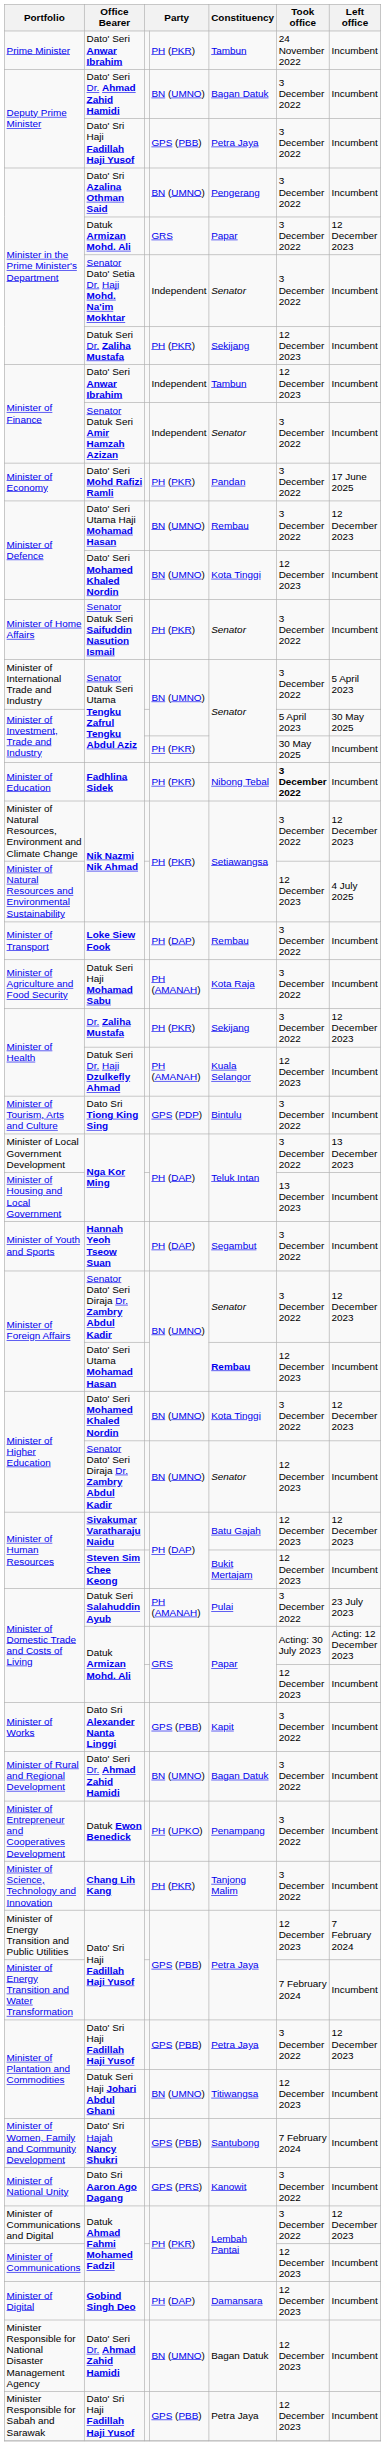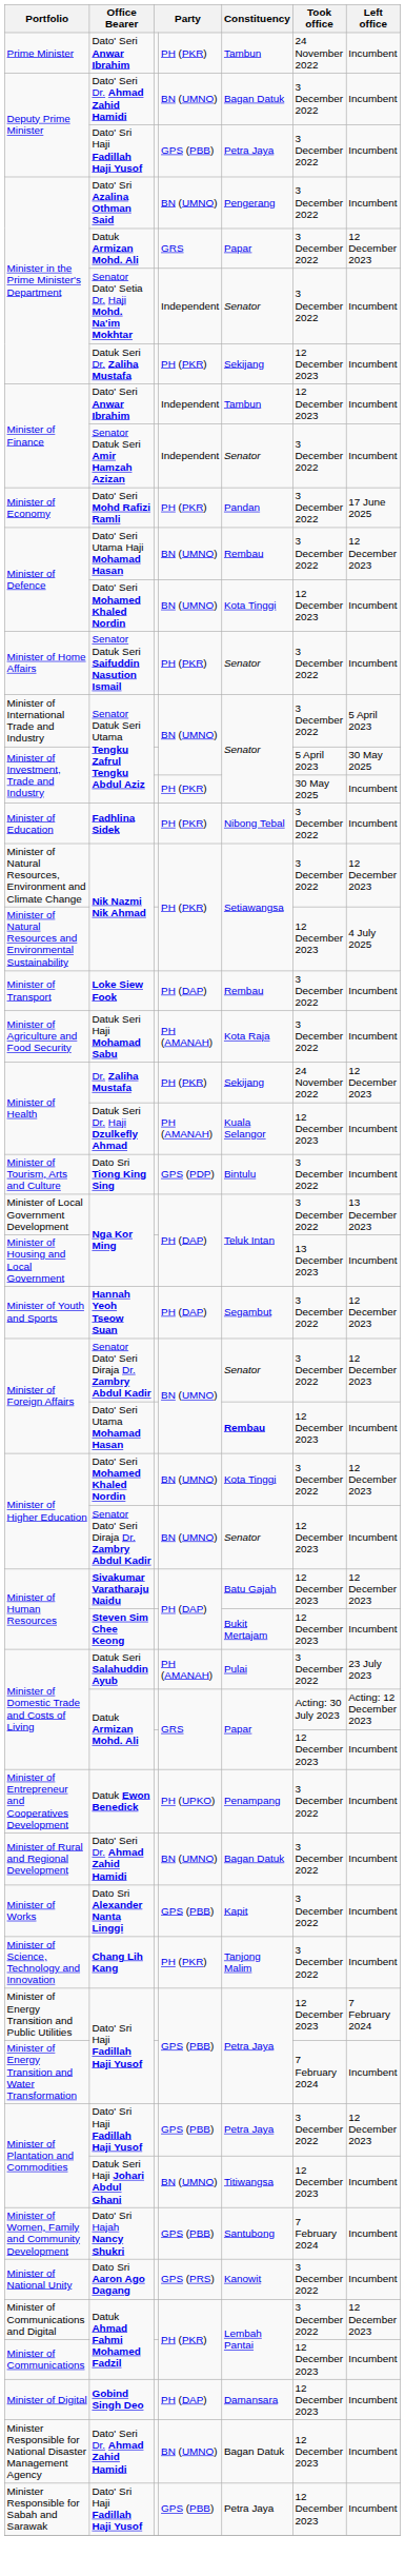 <table class="sortable wikitable">
 <tr>
 <th>Portfolio</th>
 <th>Office Bearer</th>
 <th colspan=2>Party</th>
 <th>Constituency</th>
 <th>Took office</th>
 <th>Left office</th>
 </tr>
 <tr>
 <td><a href='#'>Prime Minister</a></td>
 <td>Dato' Seri <strong><a href='#'>Anwar Ibrahim</a></strong> </td>
 <td></td>
 <td><a href='#'>PH</a> (<a href='#'>PKR</a>)</td>
 <td><a href='#'>Tambun</a></td>
 <td>24 November 2022</td>
 <td>Incumbent</td>
 </tr>
 <tr>
 <td rowspan="2"><a href='#'>Deputy Prime Minister</a></td>
 <td>Dato' Seri <a href='#'>Dr.</a> <strong><a href='#'>Ahmad Zahid Hamidi</a></strong> </td>
 <td></td>
 <td><a href='#'>BN</a> (<a href='#'>UMNO</a>)</td>
 <td><a href='#'>Bagan Datuk</a></td>
 <td>3 December 2022</td>
 <td>Incumbent</td>
 </tr>
 <tr>
 <td>Dato' Sri Haji <strong><a href='#'>Fadillah Haji Yusof</a></strong> </td>
 <td></td>
 <td><a href='#'>GPS</a> (<a href='#'>PBB</a>)</td>
 <td><a href='#'>Petra Jaya</a></td>
 <td>3 December 2022</td>
 <td>Incumbent</td>
 </tr>
 <tr>
 <td rowspan=4><a href='#'>Minister in the Prime Minister's Department</a></td>
 <td>Dato' Sri <strong><a href='#'>Azalina Othman Said</a></strong> <br></td>
 <td></td>
 <td><a href='#'>BN</a> (<a href='#'>UMNO</a>)</td>
 <td><a href='#'>Pengerang</a></td>
 <td>3 December 2022</td>
 <td>Incumbent</td>
 </tr>
 <tr>
 <td>Datuk <a href='#'><strong>Armizan Mohd. Ali</strong></a> <br></td>
 <td></td>
 <td><a href='#'>GRS</a></td>
 <td><a href='#'>Papar</a></td>
 <td>3 December 2022</td>
 <td>12 December 2023</td>
 </tr>
 <tr>
 <td><a href='#'>Senator</a> Dato' Setia <a href='#'>Dr.</a> <a href='#'>Haji</a> <strong><a href='#'>Mohd. Na'im Mokhtar</a></strong><br></td>
 <td></td>
 <td>Independent</td>
 <td><em>Senator</em></td>
 <td>3 December 2022</td>
 <td>Incumbent</td>
 </tr>
 <tr>
 <td>Datuk Seri <a href='#'>Dr.</a> <strong><a href='#'>Zaliha Mustafa</a></strong> <br></td>
 <td></td>
 <td><a href='#'>PH</a> (<a href='#'>PKR</a>)</td>
 <td><a href='#'>Sekijang</a></td>
 <td>12 December 2023</td>
 <td>Incumbent</td>
 </tr>
 <tr>
 <td rowspan=2><a href='#'>Minister of Finance</a></td>
 <td>Dato' Seri <strong><a href='#'>Anwar Ibrahim</a></strong> </td>
 <td></td>
 <td>Independent</td>
 <td><a href='#'>Tambun</a></td>
 <td>12 December 2023</td>
 <td>Incumbent</td>
 </tr>
 <tr>
 <td><a href='#'>Senator</a> Datuk Seri <strong><a href='#'>Amir Hamzah Azizan</a></strong></td>
 <td></td>
 <td>Independent</td>
 <td><em>Senator</em></td>
 <td>3 December 2022</td>
 <td>Incumbent</td>
 </tr>
 <tr>
 <td><a href='#'>Minister of Economy</a></td>
 <td>Dato' Seri <strong><a href='#'>Mohd Rafizi Ramli</a></strong> </td>
 <td></td>
 <td><a href='#'>PH</a> (<a href='#'>PKR</a>)</td>
 <td><a href='#'>Pandan</a></td>
 <td>3 December 2022</td>
 <td>17 June 2025</td>
 </tr>
 <tr>
 <td rowspan="2"><a href='#'>Minister of Defence</a></td>
 <td>Dato' Seri Utama Haji <strong><a href='#'>Mohamad Hasan</a></strong>  </td>
 <td></td>
 <td><a href='#'>BN</a> (<a href='#'>UMNO</a>)</td>
 <td><a href='#'>Rembau</a></td>
 <td>3 December 2022</td>
 <td>12 December 2023</td>
 </tr>
 <tr>
 <td>Dato' Seri <strong><a href='#'>Mohamed Khaled Nordin</a></strong> </td>
 <td></td>
 <td><a href='#'>BN</a> (<a href='#'>UMNO</a>)</td>
 <td><a href='#'>Kota Tinggi</a></td>
 <td>12 December 2023</td>
 <td>Incumbent</td>
 </tr>
 <tr>
 <td><a href='#'>Minister of Home Affairs</a></td>
 <td><a href='#'>Senator</a> Datuk Seri <strong><a href='#'>Saifuddin Nasution Ismail</a></strong></td>
 <td></td>
 <td><a href='#'>PH</a> (<a href='#'>PKR</a>)</td>
 <td><em>Senator</em></td>
 <td>3 December 2022</td>
 <td>Incumbent</td>
 </tr>
 <tr>
 <td>Minister of International Trade and Industry</td>
 <td rowspan="4"><a href='#'>Senator</a> Datuk Seri Utama <strong><a href='#'>Tengku Zafrul Tengku Abdul Aziz</a></strong></td>
 <td rowspan="2"></td>
 <td rowspan="3"><a href='#'>BN</a> (<a href='#'>UMNO</a>)</td>
 <td rowspan="4"><em>Senator</em></td>
 <td>3 December 2022</td>
 <td>5 April 2023</td>
 </tr>
 <tr>
 <td rowspan="3"><a href='#'>Minister of Investment, Trade and Industry</a></td>
 <td rowspan="2">5 April 2023</td>
 <td rowspan="2">30 May 2025</td>
 </tr>
 <tr>
 <td></td>
 </tr>
 <tr>
 <td></td>
 <td><a href='#'>PH</a> (<a href='#'>PKR</a>)</td>
 <td>30 May 2025</td>
 <td>Incumbent</td>
 </tr>
 <tr>
 <td><a href='#'>Minister of Education</a></td>
 <td><strong><a href='#'>Fadhlina Sidek</a></strong> </td>
 <td></td>
 <td><a href='#'>PH</a> (<a href='#'>PKR</a>)</td>
 <td><a href='#'>Nibong Tebal</a></td>
-<td><strong>3 December 2022</strong></td>
+<td>3 December 2022</td>
 <td>Incumbent</td>
 </tr>
 <tr>
 <td>Minister of Natural Resources, Environment and Climate Change</td>
 <td rowspan="2"><strong><a href='#'>Nik Nazmi Nik Ahmad</a></strong> </td>
 <td></td>
 <td rowspan="2"><a href='#'>PH</a> (<a href='#'>PKR</a>)</td>
 <td rowspan="2"><a href='#'>Setiawangsa</a></td>
 <td>3 December 2022</td>
 <td>12 December 2023</td>
 </tr>
 <tr>
 <td><a href='#'>Minister of Natural Resources and Environmental Sustainability</a></td>
 <td></td>
 <td>12 December 2023</td>
 <td>4 July 2025</td>
 </tr>
 <tr>
 <td><a href='#'>Minister of Transport</a></td>
 <td><strong><a href='#'>Loke Siew Fook</a></strong>  </td>
 <td></td>
 <td><a href='#'>PH</a> (<a href='#'>DAP</a>)</td>
 <td><a href='#'>Rembau</a></td>
 <td>3 December 2022</td>
 <td>Incumbent</td>
 </tr>
 <tr>
 <td><a href='#'>Minister of Agriculture and Food Security</a></td>
 <td>Datuk Seri Haji <strong><a href='#'>Mohamad Sabu</a></strong> </td>
 <td></td>
 <td><a href='#'>PH</a> (<a href='#'>AMANAH</a>)</td>
 <td><a href='#'>Kota Raja</a></td>
 <td>3 December 2022</td>
 <td>Incumbent</td>
 </tr>
 <tr>
 <td rowspan="2"><a href='#'>Minister of Health</a></td>
 <td><a href='#'>Dr.</a> <strong><a href='#'>Zaliha Mustafa</a></strong> </td>
 <td></td>
 <td><a href='#'>PH</a> (<a href='#'>PKR</a>)</td>
 <td><a href='#'>Sekijang</a></td>
-<td>3 December 2022</td>
+<td>24 November 2022</td>
 <td>12 December 2023</td>
 </tr>
 <tr>
 <td>Datuk Seri <a href='#'>Dr.</a> <a href='#'>Haji</a> <strong><a href='#'>Dzulkefly Ahmad</a></strong> </td>
 <td></td>
 <td><a href='#'>PH</a> (<a href='#'>AMANAH</a>)</td>
 <td><a href='#'>Kuala Selangor</a></td>
 <td>12 December 2023</td>
 <td>Incumbent</td>
 </tr>
 <tr>
 <td><a href='#'>Minister of Tourism, Arts and Culture</a></td>
 <td>Dato Sri <strong><a href='#'>Tiong King Sing</a></strong>  </td>
 <td></td>
 <td><a href='#'>GPS</a> (<a href='#'>PDP</a>)</td>
 <td><a href='#'>Bintulu</a></td>
 <td>3 December 2022</td>
 <td>Incumbent</td>
 </tr>
 <tr>
 <td>Minister of Local Government Development</td>
 <td rowspan="2"><strong><a href='#'>Nga Kor Ming</a></strong>  </td>
 <td></td>
 <td rowspan="2"><a href='#'>PH</a> (<a href='#'>DAP</a>)</td>
 <td rowspan="2"><a href='#'>Teluk Intan</a></td>
 <td>3 December 2022</td>
 <td>13 December 2023</td>
 </tr>
 <tr>
 <td><a href='#'>Minister of Housing and Local Government</a></td>
 <td></td>
 <td>13 December 2023</td>
 <td>Incumbent</td>
 </tr>
 <tr>
 <td><a href='#'>Minister of Youth and Sports</a></td>
 <td><strong><a href='#'>Hannah Yeoh Tseow Suan</a></strong> </td>
 <td></td>
 <td><a href='#'>PH</a> (<a href='#'>DAP</a>)</td>
 <td><a href='#'>Segambut</a></td>
 <td>3 December 2022</td>
-<td>Incumbent</td>
+<td>12 December 2023</td>
 </tr>
 <tr>
 <td rowspan="2"><a href='#'>Minister of Foreign Affairs</a></td>
 <td><a href='#'>Senator</a> Dato' Seri Diraja <a href='#'>Dr.</a> <strong><a href='#'>Zambry Abdul Kadir</a></strong></td>
 <td></td>
 <td rowspan="2"><a href='#'>BN</a> (<a href='#'>UMNO</a>)</td>
 <td><em>Senator</em></td>
 <td>3 December 2022</td>
 <td>12 December 2023</td>
 </tr>
 <tr>
 <td>Dato' Seri Utama <strong><a href='#'>Mohamad Hasan</a></strong>  </td>
 <td></td>
 <td><strong><a href='#'>Rembau</a></strong></td>
 <td>12 December 2023</td>
 <td>Incumbent</td>
 </tr>
 <tr>
 <td rowspan="2"><a href='#'>Minister of Higher Education</a></td>
 <td>Dato' Seri <strong><a href='#'>Mohamed Khaled Nordin</a></strong> </td>
 <td></td>
 <td><a href='#'>BN</a> (<a href='#'>UMNO</a>)</td>
 <td><a href='#'>Kota Tinggi</a></td>
 <td>3 December 2022</td>
 <td>12 December 2023</td>
 </tr>
 <tr>
 <td><a href='#'>Senator</a> Dato' Seri Diraja <a href='#'>Dr.</a> <strong><a href='#'>Zambry Abdul Kadir</a></strong></td>
 <td></td>
 <td><a href='#'>BN</a> (<a href='#'>UMNO</a>)</td>
 <td><em>Senator</em></td>
 <td>12 December 2023</td>
 <td>Incumbent</td>
 </tr>
 <tr>
 <td rowspan="2"><a href='#'>Minister of Human Resources</a></td>
 <td><strong><a href='#'>Sivakumar Varatharaju Naidu</a></strong> </td>
 <td></td>
 <td rowspan="2"><a href='#'>PH</a> (<a href='#'>DAP</a>)</td>
 <td><a href='#'>Batu Gajah</a></td>
 <td>12 December 2023</td>
 <td>12 December 2023</td>
 </tr>
 <tr>
 <td><strong><a href='#'>Steven Sim Chee Keong</a></strong> </td>
 <td></td>
 <td><a href='#'>Bukit Mertajam</a></td>
 <td>12 December 2023</td>
 <td>Incumbent</td>
 </tr>
 <tr>
 <td rowspan="3"><a href='#'>Minister of Domestic Trade and Costs of Living</a></td>
 <td>Datuk Seri <strong><a href='#'>Salahuddin Ayub</a></strong>  </td>
 <td></td>
 <td><a href='#'>PH</a> (<a href='#'>AMANAH</a>)</td>
 <td><a href='#'>Pulai</a></td>
 <td>3 December 2022</td>
 <td>23 July 2023</td>
 </tr>
 <tr>
 <td rowspan="2">Datuk <strong><a href='#'>Armizan Mohd. Ali</a></strong> </td>
 <td></td>
 <td rowspan="2"><a href='#'>GRS</a></td>
 <td rowspan="2"><a href='#'>Papar</a></td>
 <td>Acting: 30 July 2023</td>
 <td>Acting: 12 December 2023</td>
 </tr>
 <tr>
 <td></td>
 <td>12 December 2023</td>
 <td>Incumbent</td>
 </tr>
 <tr>
-<td><a href='#'>Minister of Works</a></td>
-<td>Dato Sri <strong><a href='#'>Alexander Nanta Linggi</a></strong> </td>
+<td><a href='#'>Minister of Entrepreneur and Cooperatives Development</a></td>
+<td>Datuk <strong><a href='#'>Ewon Benedick</a></strong>  </td>
 <td></td>
-<td><a href='#'>GPS</a> (<a href='#'>PBB</a>)</td>
-<td><a href='#'>Kapit</a></td>
+<td><a href='#'>PH</a> (<a href='#'>UPKO</a>)</td>
+<td><a href='#'>Penampang</a></td>
 <td>3 December 2022</td>
 <td>Incumbent</td>
 </tr>
 <tr>
 <td><a href='#'>Minister of Rural and Regional Development</a></td>
 <td>Dato' Seri <a href='#'>Dr.</a> <strong><a href='#'>Ahmad Zahid Hamidi</a></strong> </td>
 <td></td>
 <td><a href='#'>BN</a> (<a href='#'>UMNO</a>)</td>
 <td><a href='#'>Bagan Datuk</a></td>
 <td>3 December 2022</td>
 <td>Incumbent</td>
 </tr>
 <tr>
-<td><a href='#'>Minister of Entrepreneur and Cooperatives Development</a></td>
-<td>Datuk <strong><a href='#'>Ewon Benedick</a></strong>  </td>
+<td><a href='#'>Minister of Works</a></td>
+<td>Dato Sri <strong><a href='#'>Alexander Nanta Linggi</a></strong> </td>
 <td></td>
-<td><a href='#'>PH</a> (<a href='#'>UPKO</a>)</td>
-<td><a href='#'>Penampang</a></td>
+<td><a href='#'>GPS</a> (<a href='#'>PBB</a>)</td>
+<td><a href='#'>Kapit</a></td>
 <td>3 December 2022</td>
 <td>Incumbent</td>
 </tr>
 <tr>
 <td><a href='#'>Minister of Science, Technology and Innovation</a></td>
 <td><strong><a href='#'>Chang Lih Kang</a></strong> </td>
 <td></td>
 <td><a href='#'>PH</a> (<a href='#'>PKR</a>)</td>
 <td><a href='#'>Tanjong Malim</a></td>
 <td>3 December 2022</td>
 <td>Incumbent</td>
 </tr>
 <tr>
 <td>Minister of Energy Transition and Public Utilities</td>
 <td rowspan=2>Dato' Sri Haji <strong><a href='#'>Fadillah Haji Yusof</a></strong> </td>
 <td></td>
 <td rowspan=2><a href='#'>GPS</a> (<a href='#'>PBB</a>)</td>
 <td rowspan=2><a href='#'>Petra Jaya</a></td>
 <td>12 December 2023</td>
 <td>7 February 2024</td>
 </tr>
 <tr>
 <td><a href='#'>Minister of Energy Transition and Water Transformation</a></td>
 <td></td>
 <td>7 February 2024</td>
 <td>Incumbent</td>
 </tr>
 <tr>
 <td rowspan="2"><a href='#'>Minister of Plantation and Commodities</a></td>
 <td>Dato' Sri Haji <strong><a href='#'>Fadillah Haji Yusof</a></strong> </td>
 <td></td>
 <td><a href='#'>GPS</a> (<a href='#'>PBB</a>)</td>
 <td><a href='#'>Petra Jaya</a></td>
 <td>3 December 2022</td>
 <td>12 December 2023</td>
 </tr>
 <tr>
 <td>Datuk Seri Haji <strong><a href='#'>Johari Abdul Ghani</a></strong> </td>
 <td></td>
 <td><a href='#'>BN</a> (<a href='#'>UMNO</a>)</td>
 <td><a href='#'>Titiwangsa</a></td>
 <td>12 December 2023</td>
 <td>Incumbent</td>
 </tr>
 <tr>
 <td><a href='#'>Minister of Women, Family and Community Development</a></td>
 <td>Dato' Sri <a href='#'>Hajah</a> <strong><a href='#'>Nancy Shukri</a></strong> </td>
 <td></td>
 <td><a href='#'>GPS</a> (<a href='#'>PBB</a>)</td>
 <td><a href='#'>Santubong</a></td>
 <td>7 February 2024</td>
 <td>Incumbent</td>
 </tr>
 <tr>
 <td><a href='#'>Minister of National Unity</a></td>
 <td>Dato Sri <strong><a href='#'>Aaron Ago Dagang</a></strong> </td>
 <td></td>
 <td><a href='#'>GPS</a> (<a href='#'>PRS</a>)</td>
 <td><a href='#'>Kanowit</a></td>
 <td>3 December 2022</td>
 <td>Incumbent</td>
 </tr>
 <tr>
 <td>Minister of Communications and Digital</td>
 <td rowspan="2">Datuk <strong><a href='#'>Ahmad Fahmi Mohamed Fadzil</a></strong> </td>
 <td></td>
 <td rowspan="2"><a href='#'>PH</a> (<a href='#'>PKR</a>)</td>
 <td rowspan="2"><a href='#'>Lembah Pantai</a></td>
 <td>3 December 2022</td>
 <td>12 December 2023</td>
 </tr>
 <tr>
 <td><a href='#'>Minister of Communications</a></td>
 <td></td>
 <td>12 December 2023</td>
 <td>Incumbent</td>
 </tr>
 <tr>
 <td><a href='#'>Minister of Digital</a></td>
 <td><strong><a href='#'>Gobind Singh Deo</a></strong> </td>
 <td></td>
 <td><a href='#'>PH</a> (<a href='#'>DAP</a>)</td>
 <td><a href='#'>Damansara</a></td>
 <td>12 December 2023</td>
 <td>Incumbent</td>
 </tr>
 <tr>
 <td>Minister Responsible for National Disaster Management Agency</td>
 <td>Dato' Seri <a href='#'>Dr.</a> <strong><a href='#'>Ahmad Zahid Hamidi</a></strong> </td>
 <td></td>
 <td><a href='#'>BN</a> (<a href='#'>UMNO</a>)</td>
 <td>Bagan Datuk</td>
 <td>12 December 2023</td>
 <td>Incumbent</td>
 </tr>
 <tr>
 <td>Minister Responsible for Sabah and Sarawak</td>
 <td>Dato' Sri Haji <strong><a href='#'>Fadillah Haji Yusof</a></strong> </td>
 <td></td>
 <td><a href='#'>GPS</a> (<a href='#'>PBB</a>)</td>
 <td>Petra Jaya</td>
 <td>12 December 2023</td>
 <td>Incumbent</td>
 </tr>
 <tr>
 </tr>
 </table>
